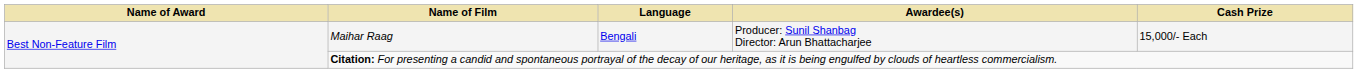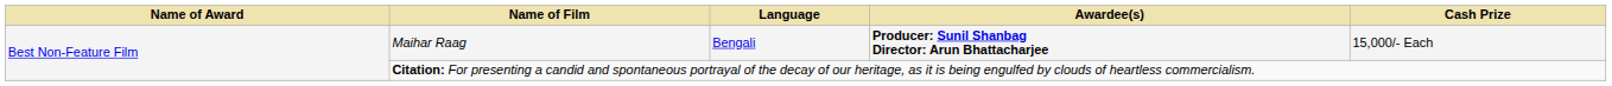 <table class="wikitable" style="width:100%;">
 <tr>
 <th style="background-color:#EFE4B0;width:24%;">Name of Award</th>
 <th style="background-color:#EFE4B0;width:20%;">Name of Film</th>
 <th style="background-color:#EFE4B0;width:10%;">Language</th>
 <th style="background-color:#EFE4B0;width:30%;">Awardee(s)</th>
 <th style="background-color:#EFE4B0;width:16%;">Cash Prize</th>
 </tr>
 <tr style="background-color:#F4F4F4">
 <td rowspan="2"><a href='#'>Best Non-Feature Film</a></td>
 <td><em>Maihar Raag</em></td>
 <td><a href='#'>Bengali</a></td>
-<td>Producer: <a href='#'>Sunil Shanbag</a><br>Director: Arun Bhattacharjee</td>
+<td><strong>Producer: <a href='#'>Sunil Shanbag</a><br>Director: Arun Bhattacharjee</strong></td>
 <td> 15,000/- Each</td>
 </tr>
 <tr style="background-color:#F9F9F9">
 <td colspan="4"><strong>Citation:</strong> <em>For presenting a candid and spontaneous portrayal of the decay of our heritage, as it is being engulfed by clouds of heartless commercialism.</em></td>
 </tr>
 </table>
